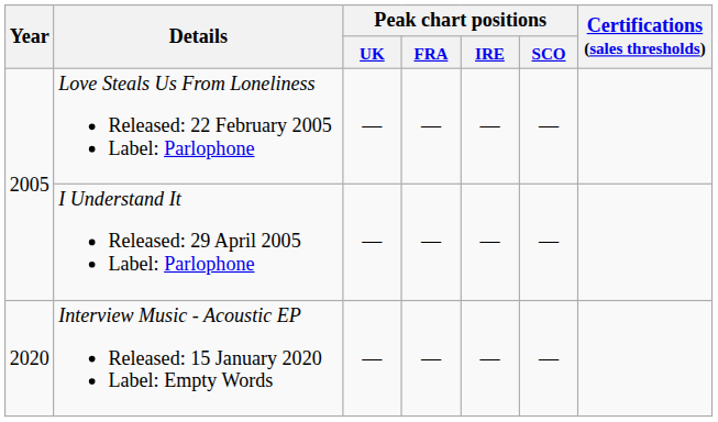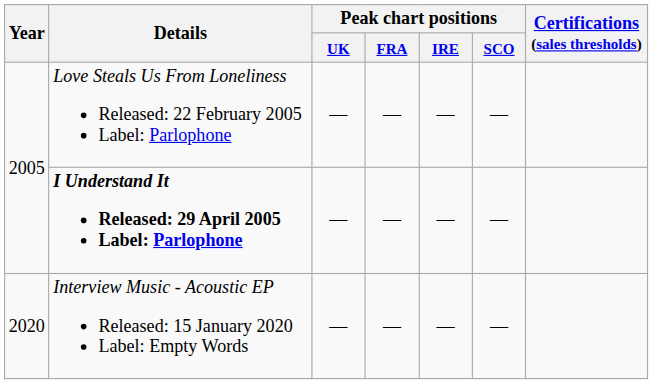 <table class= "wikitable">
 <tr>
 <th rowspan="2">Year</th>
 <th rowspan="2" style="width:225px;">Details</th>
 <th colspan="4">Peak chart positions</th>
 <th rowspan="2" style="width:100px;"><a href='#'>Certifications</a><br><small>(<a href='#'>sales thresholds</a>)</small></th>
 </tr>
 <tr>
 <th width="40"><small><a href='#'>UK</a></small></th>
 <th width="40"><small><a href='#'>FRA</a></small><br></th>
 <th width="40"><small><a href='#'>IRE</a></small></th>
 <th width="40"><small><a href='#'>SCO</a></small></th>
 </tr>
 <tr>
 <td rowspan="2">2005</td>
 <td><em>Love Steals Us From Loneliness</em><br><ul><li>Released: 22 February 2005</li><li>Label: <a href='#'>Parlophone</a></li></ul></td>
 <td style="text-align:center;">—</td>
 <td style="text-align:center;">—</td>
 <td style="text-align:center;">—</td>
 <td style="text-align:center;">—</td>
 <td></td>
 </tr>
 <tr>
-<td><em>I Understand It</em><br><ul><li>Released: 29 April 2005</li><li>Label: <a href='#'>Parlophone</a></li></ul></td>
+<td><strong><em>I Understand It</em><br><ul><li>Released: 29 April 2005</li><li>Label: <a href='#'>Parlophone</a></li></ul></strong></td>
 <td style="text-align:center;">—</td>
 <td style="text-align:center;">—</td>
 <td style="text-align:center;">—</td>
 <td style="text-align:center;">—</td>
 <td></td>
 </tr>
 <tr>
 <td>2020</td>
 <td><em>Interview Music - Acoustic EP</em><br><ul><li>Released: 15 January 2020</li><li>Label: Empty Words</li></ul></td>
 <td style="text-align:center;">—</td>
 <td style="text-align:center;">—</td>
 <td style="text-align:center;">—</td>
 <td style="text-align:center;">—</td>
 <td></td>
 </tr>
 </table>
